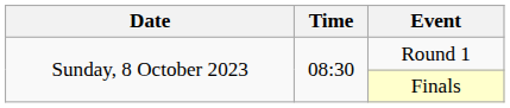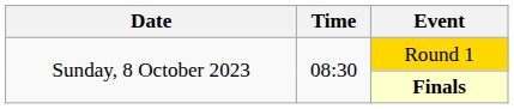 <table class = "wikitable" style="text-align:center;">
 <tr>
 <th width=220>Date</th>
 <th width=50>Time</th>
 <th width=100>Event</th>
 </tr>
 <tr>
 <td rowspan=2>Sunday, 8 October 2023</td>
 <td rowspan=2>08:30</td>
-<td>Round 1</td>
+<td style="background: gold;">Round 1</td>
 </tr>
 <tr>
-<td bgcolor=ffffcc>Finals</td>
+<td bgcolor=ffffcc><strong>Finals</strong></td>
 </tr>
 </table>
